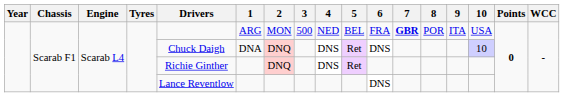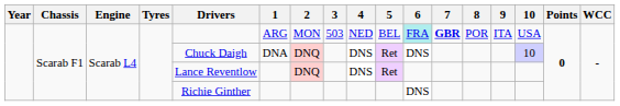 <table class="wikitable" style="text-align:center; font-size:95%">
 <tr>
 <th>Year</th>
 <th>Chassis</th>
 <th>Engine</th>
 <th>Tyres</th>
 <th>Drivers</th>
 <th>1</th>
 <th>2</th>
 <th>3</th>
 <th>4</th>
 <th>5</th>
 <th>6</th>
 <th>7</th>
 <th>8</th>
 <th>9</th>
 <th>10</th>
 <th>Points</th>
 <th>WCC</th>
 </tr>
 <tr>
 <td rowspan="4"></td>
 <td rowspan="4">Scarab F1</td>
 <td rowspan="4">Scarab <a href='#'>L4</a></td>
 <td rowspan="4"></td>
 <td></td>
 <td><a href='#'>ARG</a></td>
 <td><a href='#'>MON</a></td>
-<td><a href='#'>500</a></td>
+<td><a href='#'>503</a></td>
 <td><a href='#'>NED</a></td>
 <td><a href='#'>BEL</a></td>
-<td><a href='#'>FRA</a></td>
+<td style="background: paleturquoise;"><a href='#'>FRA</a></td>
 <td><strong><a href='#'>GBR</a></strong></td>
 <td><a href='#'>POR</a></td>
 <td><a href='#'>ITA</a></td>
 <td><a href='#'>USA</a></td>
 <td rowspan="4"><strong>0</strong></td>
 <td rowspan="4"><strong>-</strong></td>
 </tr>
 <tr>
 <td><a href='#'>Chuck Daigh</a></td>
 <td>DNA</td>
 <td style="background:#FFCFCF;">DNQ</td>
 <td></td>
 <td style="background:#FFFFFF;">DNS</td>
 <td style="background:#EFCFFF;">Ret</td>
 <td style="background:#FFFFFF;">DNS</td>
 <td></td>
 <td></td>
 <td></td>
 <td style="background:#CFCFFF;">10</td>
 </tr>
 <tr>
-<td><a href='#'>Richie Ginther</a></td>
+<td><a href='#'>Lance Reventlow</a></td>
 <td></td>
 <td style="background:#FFCFCF;">DNQ</td>
 <td></td>
 <td style="background:#FFFFFF;">DNS</td>
 <td style="background:#EFCFFF;">Ret</td>
 <td></td>
 <td></td>
 <td></td>
 <td></td>
 <td></td>
 </tr>
 <tr>
-<td><a href='#'>Lance Reventlow</a></td>
+<td><a href='#'>Richie Ginther</a></td>
 <td></td>
 <td></td>
 <td></td>
 <td></td>
 <td></td>
 <td style="background:#FFFFFF;">DNS</td>
 <td></td>
 <td></td>
 <td></td>
 <td></td>
 </tr>
 </table>
